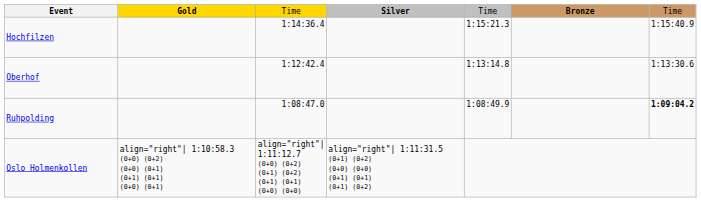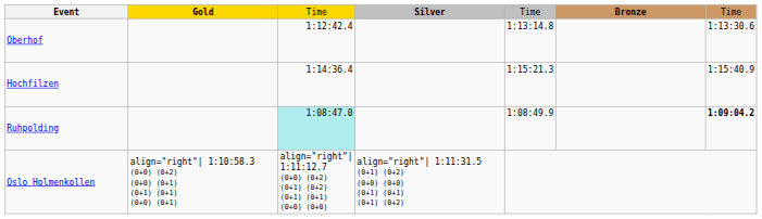 <table class="wikitable">
 <tr>
 <th width="180">Event</th>
 <th width="220" style="background:gold">Gold</th>
 <th width="70" style="background:gold;font-weight:normal">Time</th>
 <th width="220" style="background:silver">Silver</th>
 <th width="70" style="background:silver;font-weight:normal">Time</th>
 <th width="220" style="background:#CC9966">Bronze</th>
 <th width="70" style="background:#CC9966;font-weight:normal">Time</th>
 </tr>
 <tr>
+<td><a href='#'>Oberhof</a><br></td>
+<td></td>
+<td align="right">1:12:42.4 <br>  <br>  <br>  <br> </td>
+<td></td>
+<td align="right">1:13:14.8 <br>  <br>  <br>  <br> </td>
+<td></td>
+<td align="right">1:13:30.6 <br>  <br>  <br>  <br> </td>
+</tr>
+<tr>
 <td><a href='#'>Hochfilzen</a><br></td>
 <td></td>
 <td align="right">1:14:36.4 <br>  <br>  <br>  <br> </td>
 <td></td>
 <td align="right">1:15:21.3 <br>  <br>  <br>  <br> </td>
 <td></td>
 <td align="right">1:15:40.9 <br>  <br>  <br>  <br> </td>
 </tr>
 <tr>
-<td><a href='#'>Oberhof</a><br></td>
-<td></td>
-<td align="right">1:12:42.4 <br>  <br>  <br>  <br> </td>
-<td></td>
-<td align="right">1:13:14.8 <br>  <br>  <br>  <br> </td>
-<td></td>
-<td align="right">1:13:30.6 <br>  <br>  <br>  <br> </td>
-</tr>
-<tr>
 <td><a href='#'>Ruhpolding</a><br></td>
 <td></td>
-<td align="right">1:08:47.0 <br>  <br>  <br>  <br> </td>
+<td align="right" style="background: paleturquoise;">1:08:47.0 <br>  <br>  <br>  <br> </td>
 <td></td>
 <td align="right">1:08:49.9 <br>  <br>  <br>  <br> </td>
 <td></td>
 <td align="right"><strong>1:09:04.2 <br>  <br>  <br>  <br> </strong></td>
 </tr>
 <tr>
 <td><a href='#'>Oslo Holmenkollen</a><br></td>
 <td>align="right"| 1:10:58.3<br><small>(0+0) (0+2)<br>(0+0) (0+1)<br>(0+1) (0+1)<br>(0+0) (0+1)<br></small></td>
 <td>align="right"| 1:11:12.7<br><small>(0+0) (0+2)<br>(0+1) (0+2)<br>(0+1) (0+1)<br>(0+0) (0+0)<br></small></td>
 <td>align="right"| 1:11:31.5<br><small>(0+1) (0+2)<br>(0+0) (0+0)<br>(0+1) (0+1)<br>(0+1) (0+2)</small></td>
 </tr>
 </table>
